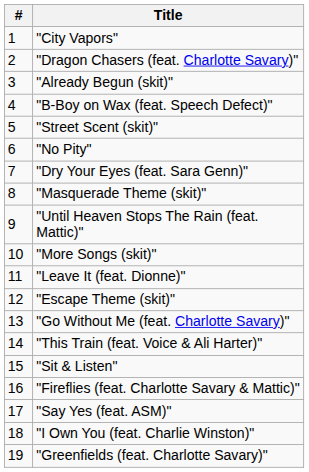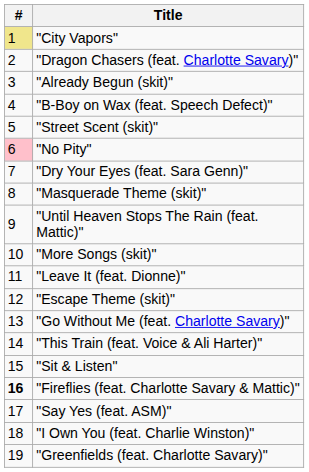 <table class="wikitable">
 <tr>
 <th align="center" width="25">#</th>
 <th align="center" width="300">Title</th>
 </tr>
 <tr>
-<td>1</td>
+<td style="background: khaki;">1</td>
 <td>"City Vapors"</td>
 </tr>
 <tr>
 <td>2</td>
 <td>"Dragon Chasers (feat. <a href='#'>Charlotte Savary</a>)"</td>
 </tr>
 <tr>
 <td>3</td>
 <td>"Already Begun (skit)"</td>
 </tr>
 <tr>
 <td>4</td>
 <td>"B-Boy on Wax (feat. Speech Defect)"</td>
 </tr>
 <tr>
 <td>5</td>
 <td>"Street Scent (skit)"</td>
 </tr>
 <tr>
-<td>6</td>
+<td style="background: pink;">6</td>
 <td>"No Pity"</td>
 </tr>
 <tr>
 <td>7</td>
 <td>"Dry Your Eyes (feat. Sara Genn)"</td>
 </tr>
 <tr>
 <td>8</td>
 <td>"Masquerade Theme (skit)"</td>
 </tr>
 <tr>
 <td>9</td>
 <td>"Until Heaven Stops The Rain (feat. Mattic)"</td>
 </tr>
 <tr>
 <td>10</td>
 <td>"More Songs (skit)"</td>
 </tr>
 <tr>
 <td>11</td>
 <td>"Leave It (feat. Dionne)"</td>
 </tr>
 <tr>
 <td>12</td>
 <td>"Escape Theme (skit)"</td>
 </tr>
 <tr>
 <td>13</td>
 <td>"Go Without Me (feat. <a href='#'>Charlotte Savary</a>)"</td>
 </tr>
 <tr>
 <td>14</td>
 <td>"This Train (feat. Voice & Ali Harter)"</td>
 </tr>
 <tr>
 <td>15</td>
 <td>"Sit & Listen"</td>
 </tr>
 <tr>
-<td>16</td>
+<td><strong>16</strong></td>
 <td>"Fireflies (feat. Charlotte Savary & Mattic)"</td>
 </tr>
 <tr>
 <td>17</td>
 <td>"Say Yes (feat. ASM)"</td>
 </tr>
 <tr>
 <td>18</td>
 <td>"I Own You (feat. Charlie Winston)"</td>
 </tr>
 <tr>
 <td>19</td>
 <td>"Greenfields (feat. Charlotte Savary)"</td>
 </tr>
 </table>
